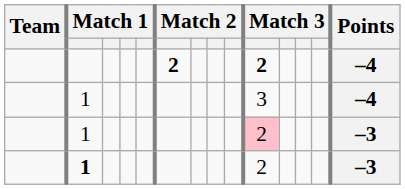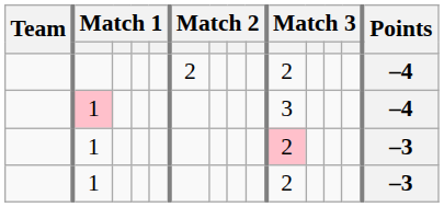 <table class="wikitable sortable" style="text-align:center;">
 <tr>
 <th rowspan=2>Team</th>
 <th colspan=4 style="border-left:3px solid gray">Match 1</th>
 <th colspan=4 style="border-left:3px solid gray">Match 2</th>
 <th colspan=4 style="border-left:3px solid gray">Match 3</th>
 <th rowspan=2 style="border-left:3px solid gray">Points</th>
 </tr>
 <tr>
 <th style="border-left:3px solid gray"></th>
 <th></th>
 <th></th>
 <th></th>
 <th style="border-left:3px solid gray"></th>
 <th></th>
 <th></th>
 <th></th>
 <th style="border-left:3px solid gray"></th>
 <th></th>
 <th></th>
 <th></th>
 </tr>
 <tr>
 <td align=left></td>
 <td style="border-left:3px solid gray"></td>
 <td></td>
 <td></td>
 <td></td>
-<td style="border-left:3px solid gray"><strong>2</strong></td>
+<td style="border-left:3px solid gray">2</td>
 <td></td>
 <td></td>
 <td></td>
-<td style="border-left:3px solid gray"><strong>2</strong></td>
+<td style="border-left:3px solid gray">2</td>
 <td></td>
 <td></td>
 <td></td>
 <th style="border-left:3px solid gray">–4</th>
 </tr>
 <tr>
 <td align=left></td>
-<td style="border-left:3px solid gray">1</td>
+<td style="background: pink; border-left:3px solid gray">1</td>
 <td></td>
 <td></td>
 <td></td>
 <td style="border-left:3px solid gray"></td>
 <td></td>
 <td></td>
 <td></td>
 <td style="border-left:3px solid gray">3</td>
 <td></td>
 <td></td>
 <td></td>
 <th style="border-left:3px solid gray">–4</th>
 </tr>
 <tr>
 <td align=left></td>
 <td style="border-left:3px solid gray">1</td>
 <td></td>
 <td></td>
 <td></td>
 <td style="border-left:3px solid gray"></td>
 <td></td>
 <td></td>
 <td></td>
 <td style="background: pink; border-left:3px solid gray">2</td>
 <td></td>
 <td></td>
 <td></td>
 <th style="border-left:3px solid gray">–3</th>
 </tr>
 <tr>
 <td align=left></td>
-<td style="border-left:3px solid gray"><strong>1</strong></td>
+<td style="border-left:3px solid gray">1</td>
 <td></td>
 <td></td>
 <td></td>
 <td style="border-left:3px solid gray"></td>
 <td></td>
 <td></td>
 <td></td>
 <td style="border-left:3px solid gray">2</td>
 <td></td>
 <td></td>
 <td></td>
 <th style="border-left:3px solid gray">–3</th>
 </tr>
 </table>
